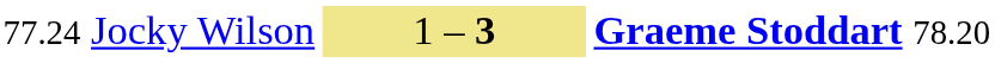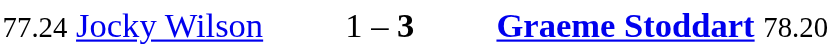 <table style="text-align:center">
 <tr>
 <th width=223></th>
 <th width=100></th>
 <th width=223></th>
 </tr>
 <tr>
 <td align=right><small>77.24</small> <a href='#'>Jocky Wilson</a> </td>
-<td style="background: khaki;">1 – <strong>3</strong></td>
+<td>1 – <strong>3</strong></td>
 <td align=left> <strong><a href='#'>Graeme Stoddart</a></strong> <small>78.20</small></td>
 </tr>
 </table>
